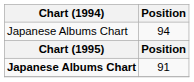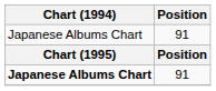 <table class="wikitable" style="text-align:center;">
 <tr>
 <th>Chart (1994)</th>
 <th>Position</th>
 </tr>
 <tr>
 <td align="left">Japanese Albums Chart</td>
-<td>94</td>
+<td>91</td>
 </tr>
 <tr>
 <th>Chart (1995)</th>
 <th>Position</th>
 </tr>
 <tr>
 <td align="left"><strong>Japanese Albums Chart</strong></td>
 <td>91</td>
 </tr>
 <tr>
 </tr>
 </table>
